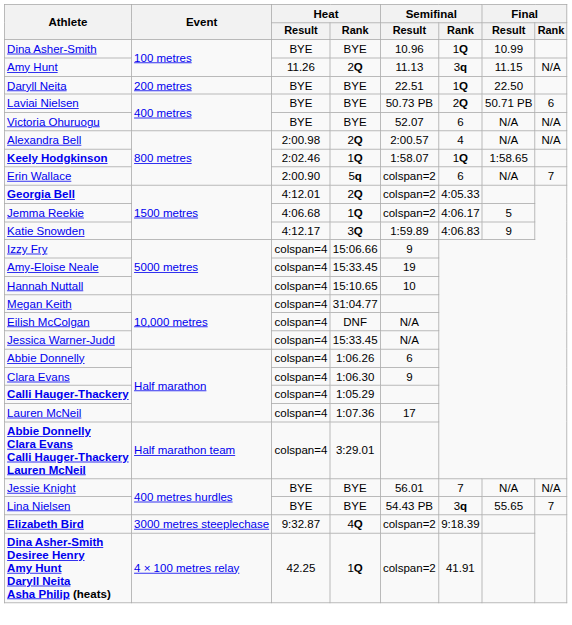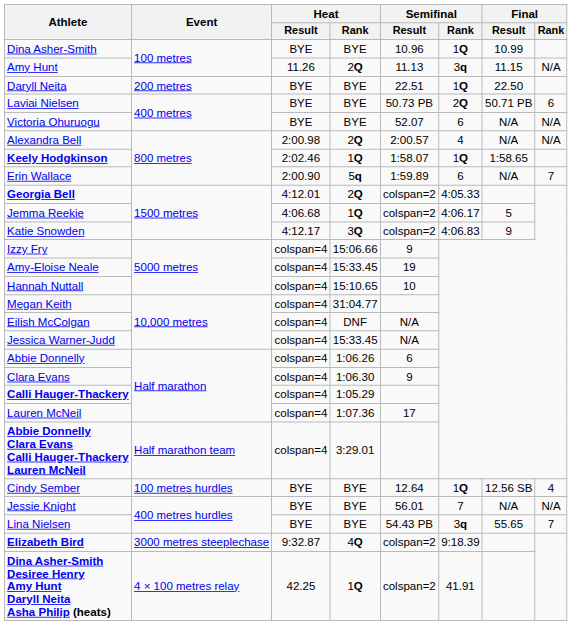 <table class=wikitable style=font-size:90%>
 <tr>
 <th rowspan=2>Athlete</th>
 <th rowspan=2>Event</th>
 <th colspan=2>Heat</th>
 <th colspan=2>Semifinal</th>
 <th colspan=2>Final</th>
 </tr>
 <tr style=font-size:95%>
 <th>Result</th>
 <th>Rank</th>
 <th>Result</th>
 <th>Rank</th>
 <th>Result</th>
 <th>Rank</th>
 </tr>
 <tr align=center>
 <td align=left><a href='#'>Dina Asher-Smith</a></td>
 <td rowspan="2" align="left"><a href='#'>100 metres</a></td>
 <td>BYE</td>
 <td>BYE</td>
 <td>10.96</td>
 <td>1<strong>Q</strong></td>
 <td>10.99</td>
 <td></td>
 </tr>
 <tr align=center>
 <td align=left><a href='#'>Amy Hunt</a></td>
 <td>11.26</td>
 <td>2<strong>Q</strong></td>
 <td>11.13</td>
 <td>3<strong>q</strong></td>
 <td>11.15</td>
 <td>N/A</td>
 </tr>
 <tr align=center>
 <td align=left><a href='#'>Daryll Neita</a></td>
 <td align=left><a href='#'>200 metres</a></td>
 <td>BYE</td>
 <td>BYE</td>
 <td>22.51</td>
 <td>1<strong>Q</strong></td>
 <td>22.50</td>
 <td></td>
 </tr>
 <tr align=center>
 <td align=left><a href='#'>Laviai Nielsen</a></td>
 <td align=left rowspan=2><a href='#'>400 metres</a></td>
 <td>BYE</td>
 <td>BYE</td>
 <td>50.73 PB</td>
 <td>2<strong>Q</strong></td>
 <td>50.71 PB</td>
 <td>6</td>
 </tr>
 <tr align=center>
 <td align=left><a href='#'>Victoria Ohuruogu</a></td>
 <td>BYE</td>
 <td>BYE</td>
 <td>52.07</td>
 <td>6</td>
 <td>N/A</td>
 <td>N/A</td>
 </tr>
 <tr align=center>
 <td align=left><a href='#'>Alexandra Bell</a></td>
 <td align=left rowspan=3><a href='#'>800 metres</a></td>
 <td>2:00.98</td>
 <td>2<strong>Q</strong></td>
 <td>2:00.57</td>
 <td>4</td>
 <td>N/A</td>
 <td>N/A</td>
 </tr>
 <tr align=center>
 <td align=left><strong><a href='#'>Keely Hodgkinson</a></strong></td>
 <td>2:02.46</td>
 <td>1<strong>Q</strong></td>
 <td>1:58.07</td>
 <td>1<strong>Q</strong></td>
 <td>1:58.65</td>
 <td></td>
 </tr>
 <tr align=center>
 <td align=left><a href='#'>Erin Wallace</a></td>
 <td>2:00.90</td>
 <td>5<strong>q</strong></td>
-<td>colspan=2</td>
+<td>1:59.89</td>
 <td>6</td>
 <td>N/A</td>
 <td>7</td>
 </tr>
 <tr align=center>
 <td align=left><strong><a href='#'>Georgia Bell</a></strong></td>
 <td align=left rowspan=3><a href='#'>1500 metres</a></td>
 <td>4:12.01</td>
 <td>2<strong>Q</strong></td>
 <td>colspan=2</td>
 <td>4:05.33</td>
 <td></td>
 </tr>
 <tr align=center>
 <td align=left><a href='#'>Jemma Reekie</a></td>
 <td>4:06.68</td>
 <td>1<strong>Q</strong></td>
 <td>colspan=2</td>
 <td>4:06.17</td>
 <td>5</td>
 </tr>
 <tr align=center>
 <td align=left><a href='#'>Katie Snowden</a></td>
 <td>4:12.17</td>
 <td>3<strong>Q</strong></td>
-<td>1:59.89</td>
+<td>colspan=2</td>
 <td>4:06.83</td>
 <td>9</td>
 </tr>
 <tr align=center>
 <td align=left><a href='#'>Izzy Fry</a></td>
 <td align=left rowspan=3><a href='#'>5000 metres</a></td>
 <td>colspan=4</td>
 <td>15:06.66</td>
 <td>9</td>
 </tr>
 <tr align=center>
 <td align=left><a href='#'>Amy-Eloise Neale</a></td>
 <td>colspan=4</td>
 <td>15:33.45</td>
 <td>19</td>
 </tr>
 <tr align=center>
 <td align=left><a href='#'>Hannah Nuttall</a></td>
 <td>colspan=4</td>
 <td>15:10.65</td>
 <td>10</td>
 </tr>
 <tr align=center>
 <td align=left><a href='#'>Megan Keith</a></td>
 <td align=left rowspan=3><a href='#'>10,000 metres</a></td>
 <td>colspan=4</td>
 <td>31:04.77</td>
 <td></td>
 </tr>
 <tr align=center>
 <td align=left><a href='#'>Eilish McColgan</a></td>
 <td>colspan=4</td>
 <td>DNF</td>
 <td>N/A</td>
 </tr>
 <tr align=center>
 <td align=left><a href='#'>Jessica Warner-Judd</a></td>
 <td>colspan=4</td>
 <td>15:33.45</td>
 <td>N/A</td>
 </tr>
 <tr align=center>
 <td align=left><a href='#'>Abbie Donnelly</a></td>
 <td align=left rowspan=4><a href='#'>Half marathon</a></td>
 <td>colspan=4</td>
 <td>1:06.26</td>
 <td>6</td>
 </tr>
 <tr align=center>
 <td align=left><a href='#'>Clara Evans</a></td>
 <td>colspan=4</td>
 <td>1:06.30</td>
 <td>9</td>
 </tr>
 <tr align=center>
 <td align=left><a href='#'><strong>Calli Hauger-Thackery</strong></a></td>
 <td>colspan=4</td>
 <td>1:05.29</td>
 <td></td>
 </tr>
 <tr align=center>
 <td align=left><a href='#'>Lauren McNeil</a></td>
 <td>colspan=4</td>
 <td>1:07.36</td>
 <td>17</td>
 </tr>
 <tr align=center>
 <td align=left><strong><a href='#'>Abbie Donnelly</a><br><a href='#'>Clara Evans</a><br><a href='#'>Calli Hauger-Thackery</a><br><a href='#'>Lauren McNeil</a></strong></td>
 <td align=left><a href='#'>Half marathon team</a></td>
 <td>colspan=4</td>
 <td>3:29.01</td>
 <td></td>
 </tr>
 <tr align=center>
+<td align=left><a href='#'>Cindy Sember</a></td>
+<td align=left><a href='#'>100 metres hurdles</a></td>
+<td>BYE</td>
+<td>BYE</td>
+<td>12.64</td>
+<td>1<strong>Q</strong></td>
+<td>12.56 SB</td>
+<td>4</td>
+</tr>
+<tr align=center>
 <td align=left><a href='#'>Jessie Knight</a></td>
 <td align=left rowspan=2><a href='#'>400 metres hurdles</a></td>
 <td>BYE</td>
 <td>BYE</td>
 <td>56.01</td>
 <td>7</td>
 <td>N/A</td>
 <td>N/A</td>
 </tr>
 <tr align=center>
 <td align=left><a href='#'>Lina Nielsen</a></td>
 <td>BYE</td>
 <td>BYE</td>
 <td>54.43 PB</td>
 <td>3<strong>q</strong></td>
 <td>55.65</td>
 <td>7</td>
 </tr>
 <tr align=center>
 <td align=left><strong><a href='#'>Elizabeth Bird</a></strong></td>
 <td align=left><a href='#'>3000 metres steeplechase</a></td>
 <td>9:32.87</td>
 <td>4<strong>Q</strong></td>
 <td>colspan=2</td>
 <td>9:18.39</td>
 <td></td>
 </tr>
 <tr align=center>
 <td align=left><strong><a href='#'>Dina Asher-Smith</a></strong><br><strong><a href='#'>Desiree Henry</a></strong><br><strong><a href='#'>Amy Hunt</a></strong><br><strong><a href='#'>Daryll Neita</a></strong><br><strong><a href='#'>Asha Philip</a> (heats)</strong></td>
 <td align=left><a href='#'>4 × 100 metres relay</a></td>
 <td>42.25</td>
 <td>1<strong>Q</strong></td>
 <td>colspan=2</td>
 <td>41.91 </td>
 <td></td>
 </tr>
 </table>
